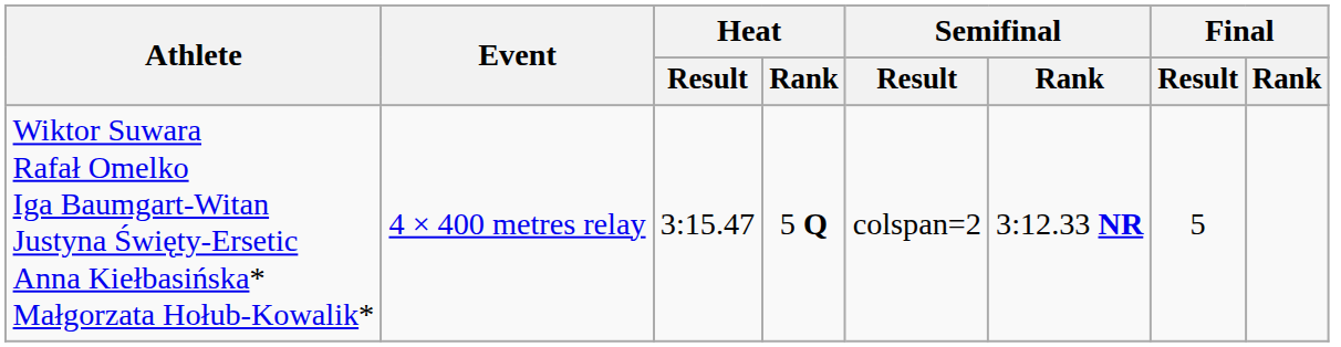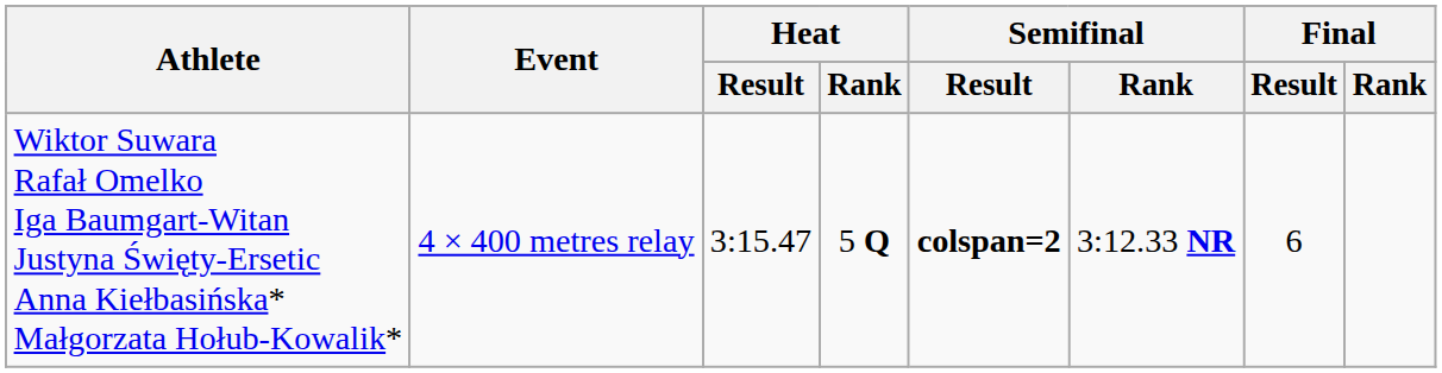 <table class=wikitable style=font-size:90%>
 <tr>
 <th rowspan=2>Athlete</th>
 <th rowspan=2>Event</th>
 <th colspan=2>Heat</th>
 <th colspan=2>Semifinal</th>
 <th colspan=2>Final</th>
 </tr>
 <tr style=font-size:95%>
 <th>Result</th>
 <th>Rank</th>
 <th>Result</th>
 <th>Rank</th>
 <th>Result</th>
 <th>Rank</th>
 </tr>
 <tr align=center>
 <td align=left><a href='#'>Wiktor Suwara</a> <br> <a href='#'>Rafał Omelko</a> <br> <a href='#'>Iga Baumgart-Witan</a> <br> <a href='#'>Justyna Święty-Ersetic</a><br>  <a href='#'>Anna Kiełbasińska</a>*<br> <a href='#'>Małgorzata Hołub-Kowalik</a>*</td>
 <td align=left><a href='#'>4 × 400 metres relay</a></td>
 <td>3:15.47</td>
 <td>5 <strong>Q</strong></td>
-<td>colspan=2</td>
+<td><strong>colspan=2</strong></td>
 <td>3:12.33 <strong><a href='#'>NR</a></strong></td>
-<td>5</td>
+<td>6</td>
 </tr>
 </table>
